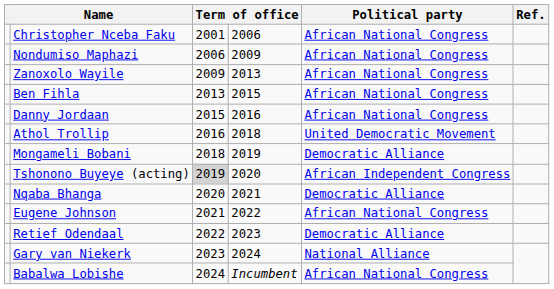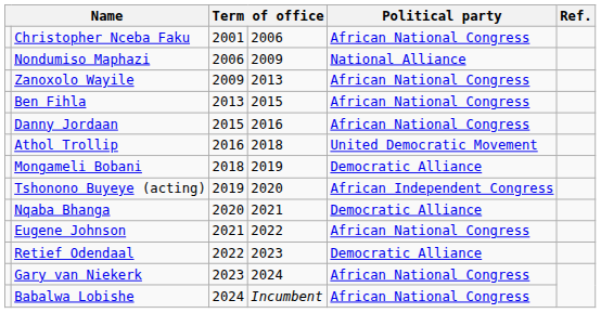 <table class="wikitable">
 <tr>
 <th colspan="2">Name</th>
 <th colspan="2">Term of office</th>
 <th>Political party</th>
 <th>Ref.</th>
 </tr>
 <tr>
 <td style="background-color: "></td>
 <td><a href='#'>Christopher Nceba Faku</a></td>
 <td>2001</td>
 <td>2006</td>
 <td><a href='#'>African National Congress</a></td>
 <td></td>
 </tr>
 <tr>
 <td style="background-color: "></td>
 <td><a href='#'>Nondumiso Maphazi</a></td>
 <td>2006</td>
 <td>2009</td>
-<td><a href='#'>African National Congress</a></td>
+<td><a href='#'>National Alliance</a></td>
 <td></td>
 </tr>
 <tr>
 <td style="background-color: "></td>
 <td><a href='#'>Zanoxolo Wayile</a></td>
 <td>2009</td>
 <td>2013</td>
 <td><a href='#'>African National Congress</a></td>
 <td></td>
 </tr>
 <tr>
 <td style="background-color: "></td>
 <td><a href='#'>Ben Fihla</a></td>
 <td>2013</td>
 <td>2015</td>
 <td><a href='#'>African National Congress</a></td>
 <td></td>
 </tr>
 <tr>
 <td style="background-color: "></td>
 <td><a href='#'>Danny Jordaan</a></td>
 <td>2015</td>
 <td>2016</td>
 <td><a href='#'>African National Congress</a></td>
 <td></td>
 </tr>
 <tr>
 <td style="background-color: "></td>
 <td><a href='#'>Athol Trollip</a></td>
 <td>2016</td>
 <td>2018</td>
 <td><a href='#'>United Democratic Movement</a></td>
 <td></td>
 </tr>
 <tr>
 <td style="background-color: "></td>
 <td><a href='#'>Mongameli Bobani</a></td>
 <td>2018</td>
 <td>2019</td>
 <td><a href='#'>Democratic Alliance</a></td>
 <td></td>
 </tr>
 <tr>
 <td style="background-color: "></td>
 <td><a href='#'>Tshonono Buyeye</a> (acting)</td>
-<td style="background: lightgrey;">2019</td>
+<td>2019</td>
 <td>2020</td>
 <td><a href='#'>African Independent Congress</a></td>
 <td></td>
 </tr>
 <tr>
 <td style="background-color: "></td>
 <td><a href='#'>Nqaba Bhanga</a></td>
 <td>2020</td>
 <td>2021</td>
 <td><a href='#'>Democratic Alliance</a></td>
 <td></td>
 </tr>
 <tr>
 <td style="background-color: "></td>
 <td><a href='#'>Eugene Johnson</a></td>
 <td>2021</td>
 <td>2022</td>
 <td><a href='#'>African National Congress</a></td>
 <td></td>
 </tr>
 <tr>
 <td style="background-color: "></td>
 <td><a href='#'>Retief Odendaal</a></td>
 <td>2022</td>
 <td>2023</td>
 <td><a href='#'>Democratic Alliance</a></td>
 <td></td>
 </tr>
 <tr>
 <td style="background-color: "></td>
 <td><a href='#'>Gary van Niekerk</a></td>
 <td>2023</td>
 <td>2024</td>
-<td><a href='#'>National Alliance</a></td>
+<td><a href='#'>African National Congress</a></td>
 </tr>
 <tr>
 <td style="background-color: "></td>
 <td><a href='#'>Babalwa Lobishe</a></td>
 <td>2024</td>
 <td><em>Incumbent</em></td>
 <td><a href='#'>African National Congress</a></td>
 </tr>
 </table>
